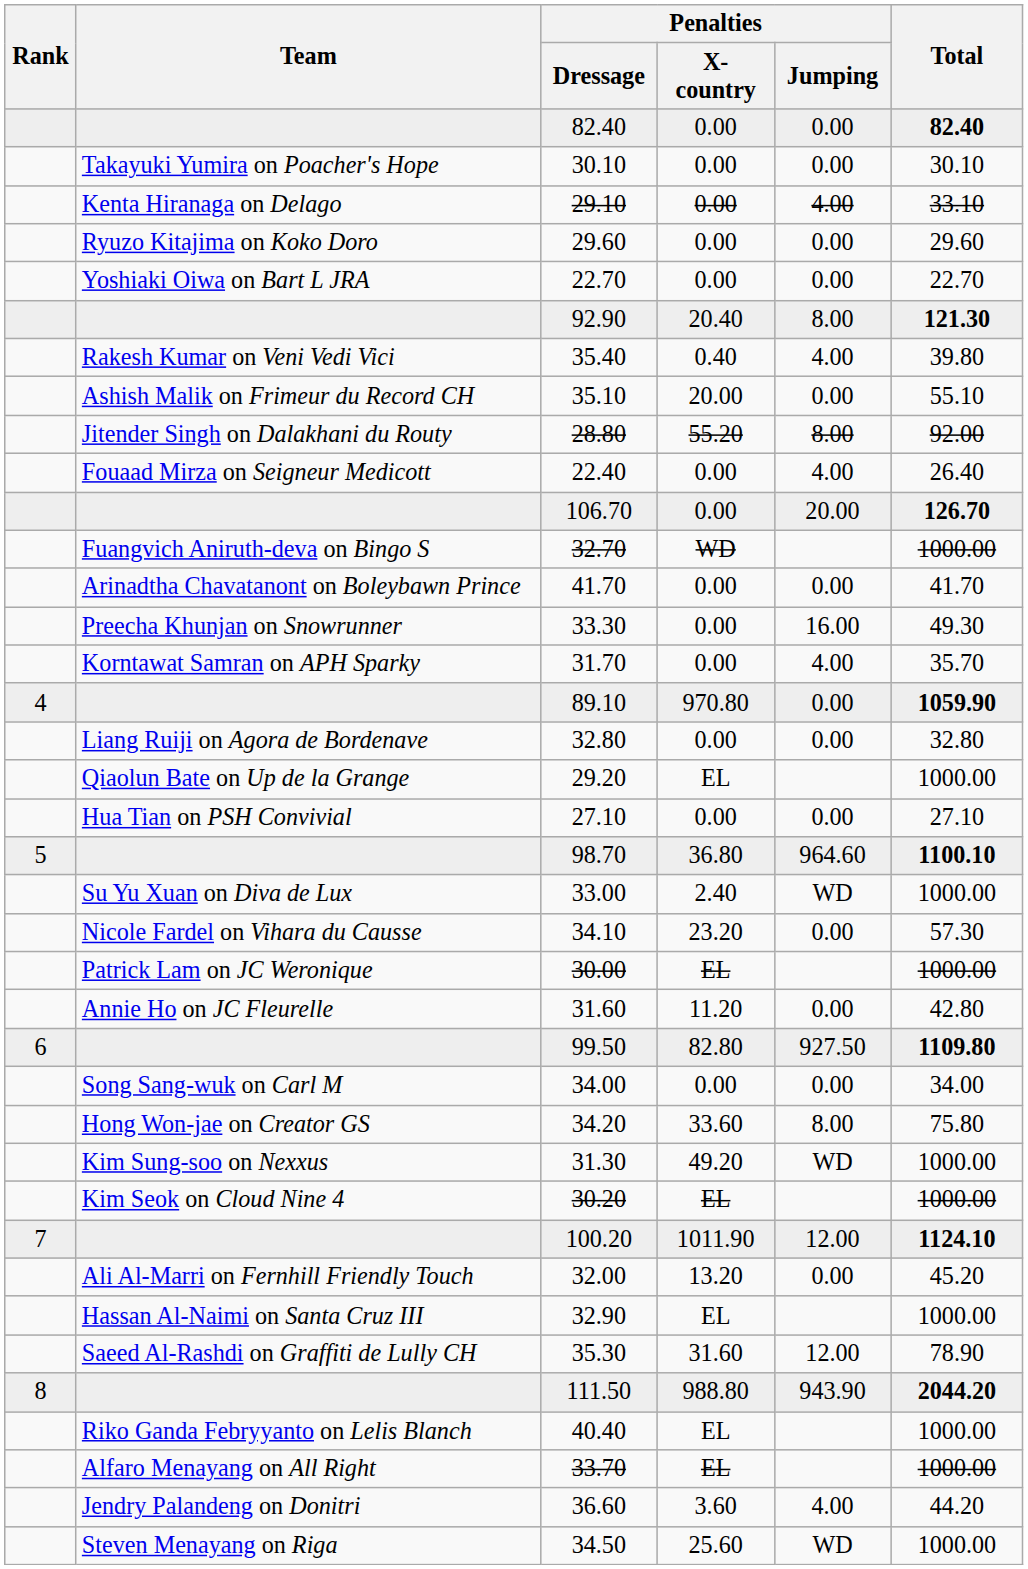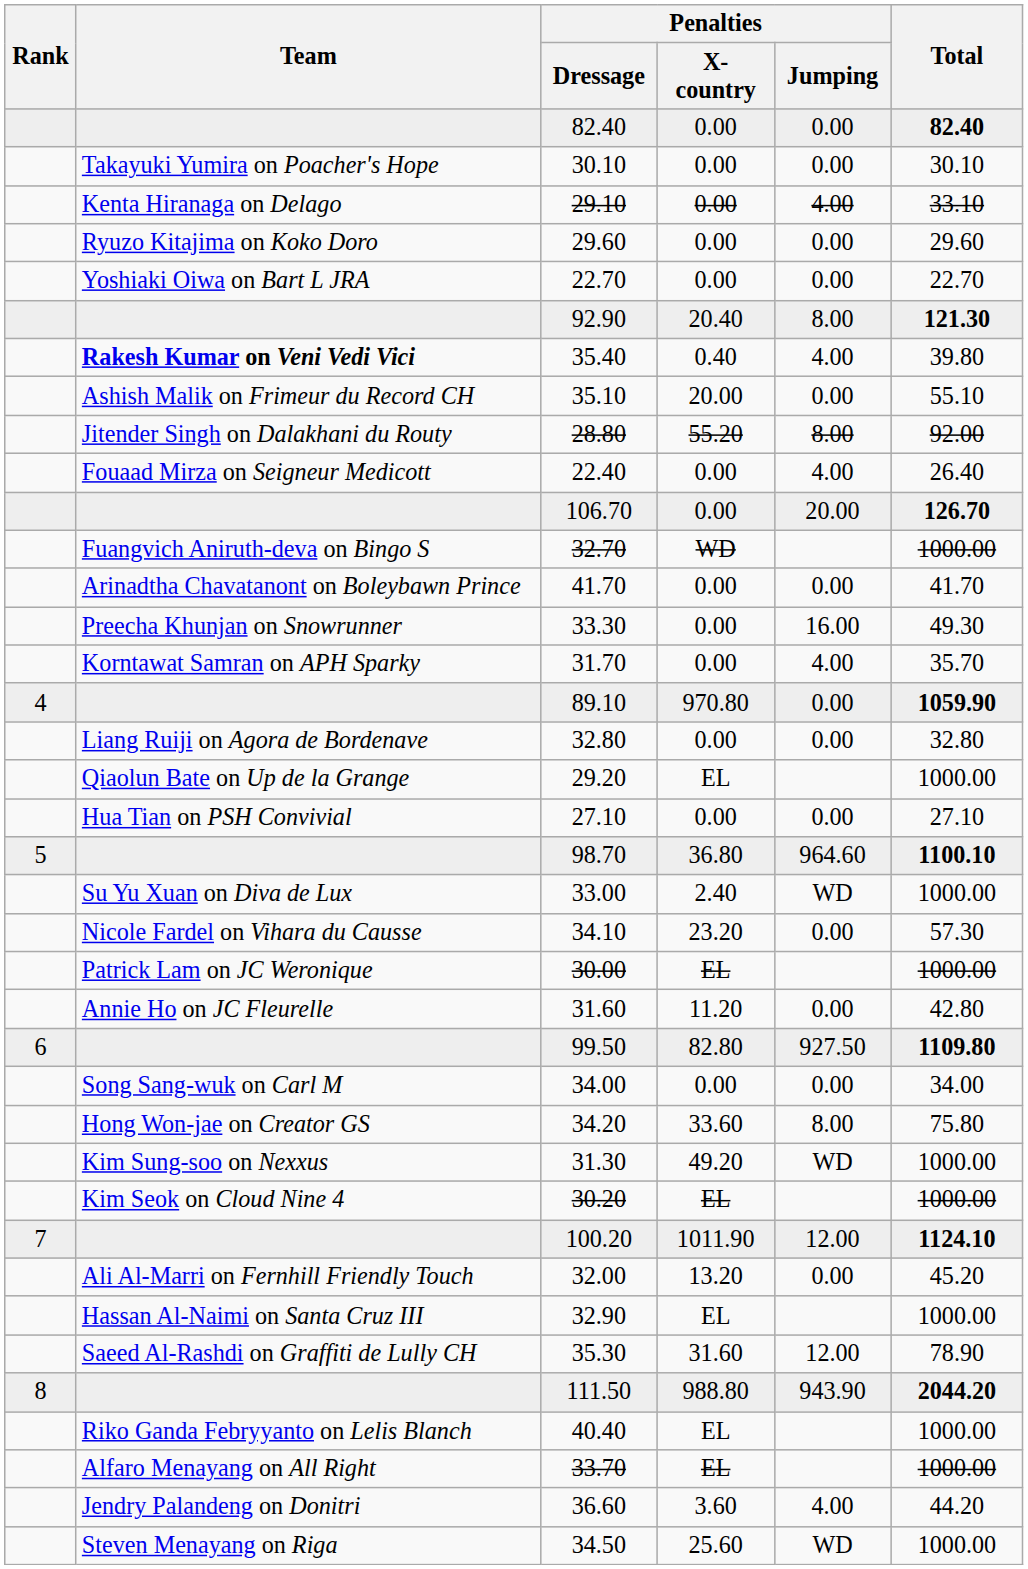 <table class=wikitable style="text-align:center">
 <tr>
 <th rowspan=2 width=40>Rank</th>
 <th rowspan=2 width=300>Team</th>
 <th colspan=3>Penalties</th>
 <th rowspan=2 width=80>Total</th>
 </tr>
 <tr>
 <th width=70>Dressage</th>
 <th width=70>X-country</th>
 <th width=70>Jumping</th>
 </tr>
 <tr bgcolor=eeeeee>
 <td></td>
 <td align=left></td>
 <td>82.40</td>
 <td>0.00</td>
 <td>0.00</td>
 <td><strong>82.40</strong></td>
 </tr>
 <tr>
 <td></td>
 <td align=left><a href='#'>Takayuki Yumira</a> on <em>Poacher's Hope</em></td>
 <td>30.10</td>
 <td>0.00</td>
 <td>0.00</td>
 <td>30.10</td>
 </tr>
 <tr>
 <td></td>
 <td align=left><a href='#'>Kenta Hiranaga</a> on <em>Delago</em></td>
 <td><s>29.10</s></td>
 <td><s>0.00</s></td>
 <td><s>4.00</s></td>
 <td><s>33.10</s></td>
 </tr>
 <tr>
 <td></td>
 <td align=left><a href='#'>Ryuzo Kitajima</a> on <em>Koko Doro </em></td>
 <td>29.60</td>
 <td>0.00</td>
 <td>0.00</td>
 <td>29.60</td>
 </tr>
 <tr>
 <td></td>
 <td align=left><a href='#'>Yoshiaki Oiwa</a> on <em>Bart L JRA</em></td>
 <td>22.70</td>
 <td>0.00</td>
 <td>0.00</td>
 <td>22.70</td>
 </tr>
 <tr bgcolor=eeeeee>
 <td></td>
 <td align=left></td>
 <td>92.90</td>
 <td>20.40</td>
 <td>8.00</td>
 <td><strong>121.30</strong></td>
 </tr>
 <tr>
 <td></td>
-<td align=left><a href='#'>Rakesh Kumar</a> on <em>Veni Vedi Vici </em></td>
+<td align=left><strong><a href='#'>Rakesh Kumar</a> on <em>Veni Vedi Vici </em></strong></td>
 <td>35.40</td>
 <td>0.40</td>
 <td>4.00</td>
 <td>39.80</td>
 </tr>
 <tr>
 <td></td>
 <td align=left><a href='#'>Ashish Malik</a> on <em>Frimeur du Record CH</em></td>
 <td>35.10</td>
 <td>20.00</td>
 <td>0.00</td>
 <td>55.10</td>
 </tr>
 <tr>
 <td></td>
 <td align=left><a href='#'>Jitender Singh</a> on <em>Dalakhani du Routy</em></td>
 <td><s>28.80</s></td>
 <td><s>55.20</s></td>
 <td><s>8.00</s></td>
 <td><s>92.00</s></td>
 </tr>
 <tr>
 <td></td>
 <td align=left><a href='#'>Fouaad Mirza</a> on <em>Seigneur Medicott </em></td>
 <td>22.40</td>
 <td>0.00</td>
 <td>4.00</td>
 <td>26.40</td>
 </tr>
 <tr bgcolor=eeeeee>
 <td></td>
 <td align=left></td>
 <td>106.70</td>
 <td>0.00</td>
 <td>20.00</td>
 <td><strong>126.70</strong></td>
 </tr>
 <tr>
 <td></td>
 <td align=left><a href='#'>Fuangvich Aniruth-deva</a> on <em>Bingo S</em></td>
 <td><s>32.70</s></td>
 <td><s>WD</s></td>
 <td></td>
 <td><s>1000.00</s></td>
 </tr>
 <tr>
 <td></td>
 <td align=left><a href='#'>Arinadtha Chavatanont</a> on <em>Boleybawn Prince</em></td>
 <td>41.70</td>
 <td>0.00</td>
 <td>0.00</td>
 <td>41.70</td>
 </tr>
 <tr>
 <td></td>
 <td align=left><a href='#'>Preecha Khunjan</a> on <em>Snowrunner</em></td>
 <td>33.30</td>
 <td>0.00</td>
 <td>16.00</td>
 <td>49.30</td>
 </tr>
 <tr>
 <td></td>
 <td align=left><a href='#'>Korntawat Samran</a> on <em>APH Sparky</em></td>
 <td>31.70</td>
 <td>0.00</td>
 <td>4.00</td>
 <td>35.70</td>
 </tr>
 <tr bgcolor=eeeeee>
 <td>4</td>
 <td align=left></td>
 <td>89.10</td>
 <td>970.80</td>
 <td>0.00</td>
 <td><strong>1059.90</strong></td>
 </tr>
 <tr>
 <td></td>
 <td align=left><a href='#'>Liang Ruiji</a> on <em>Agora de Bordenave</em></td>
 <td>32.80</td>
 <td>0.00</td>
 <td>0.00</td>
 <td>32.80</td>
 </tr>
 <tr>
 <td></td>
 <td align=left><a href='#'>Qiaolun Bate</a> on <em>Up de la Grange</em></td>
 <td>29.20</td>
 <td>EL</td>
 <td></td>
 <td>1000.00</td>
 </tr>
 <tr>
 <td></td>
 <td align=left><a href='#'>Hua Tian</a> on <em>PSH Convivial </em></td>
 <td>27.10</td>
 <td>0.00</td>
 <td>0.00</td>
 <td>27.10</td>
 </tr>
 <tr bgcolor=eeeeee>
 <td>5</td>
 <td align=left></td>
 <td>98.70</td>
 <td>36.80</td>
 <td>964.60</td>
 <td><strong>1100.10</strong></td>
 </tr>
 <tr>
 <td></td>
 <td align=left><a href='#'>Su Yu Xuan</a> on <em>Diva de Lux</em></td>
 <td>33.00</td>
 <td>2.40</td>
 <td>WD</td>
 <td>1000.00</td>
 </tr>
 <tr>
 <td></td>
 <td align=left><a href='#'>Nicole Fardel</a> on <em>Vihara du Causse</em></td>
 <td>34.10</td>
 <td>23.20</td>
 <td>0.00</td>
 <td>57.30</td>
 </tr>
 <tr>
 <td></td>
 <td align=left><a href='#'>Patrick Lam</a> on <em>JC Weronique</em></td>
 <td><s>30.00</s></td>
 <td><s>EL</s></td>
 <td></td>
 <td><s>1000.00</s></td>
 </tr>
 <tr>
 <td></td>
 <td align=left><a href='#'>Annie Ho</a> on <em>JC Fleurelle</em></td>
 <td>31.60</td>
 <td>11.20</td>
 <td>0.00</td>
 <td>42.80</td>
 </tr>
 <tr bgcolor=eeeeee>
 <td>6</td>
 <td align=left></td>
 <td>99.50</td>
 <td>82.80</td>
 <td>927.50</td>
 <td><strong>1109.80</strong></td>
 </tr>
 <tr>
 <td></td>
 <td align=left><a href='#'>Song Sang-wuk</a> on <em>Carl M</em></td>
 <td>34.00</td>
 <td>0.00</td>
 <td>0.00</td>
 <td>34.00</td>
 </tr>
 <tr>
 <td></td>
 <td align=left><a href='#'>Hong Won-jae</a> on <em>Creator GS</em></td>
 <td>34.20</td>
 <td>33.60</td>
 <td>8.00</td>
 <td>75.80</td>
 </tr>
 <tr>
 <td></td>
 <td align=left><a href='#'>Kim Sung-soo</a> on <em>Nexxus</em></td>
 <td>31.30</td>
 <td>49.20</td>
 <td>WD</td>
 <td>1000.00</td>
 </tr>
 <tr>
 <td></td>
 <td align=left><a href='#'>Kim Seok</a> on <em>Cloud Nine 4</em></td>
 <td><s>30.20</s></td>
 <td><s>EL</s></td>
 <td></td>
 <td><s>1000.00</s></td>
 </tr>
 <tr bgcolor=eeeeee>
 <td>7</td>
 <td align=left></td>
 <td>100.20</td>
 <td>1011.90</td>
 <td>12.00</td>
 <td><strong>1124.10</strong></td>
 </tr>
 <tr>
 <td></td>
 <td align=left><a href='#'>Ali Al-Marri</a> on <em>Fernhill Friendly Touch</em></td>
 <td>32.00</td>
 <td>13.20</td>
 <td>0.00</td>
 <td>45.20</td>
 </tr>
 <tr>
 <td></td>
 <td align=left><a href='#'>Hassan Al-Naimi</a> on <em>Santa Cruz III</em></td>
 <td>32.90</td>
 <td>EL</td>
 <td></td>
 <td>1000.00</td>
 </tr>
 <tr>
 <td></td>
 <td align=left><a href='#'>Saeed Al-Rashdi</a> on <em>Graffiti de Lully CH</em></td>
 <td>35.30</td>
 <td>31.60</td>
 <td>12.00</td>
 <td>78.90</td>
 </tr>
 <tr bgcolor=eeeeee>
 <td>8</td>
 <td align=left></td>
 <td>111.50</td>
 <td>988.80</td>
 <td>943.90</td>
 <td><strong>2044.20</strong></td>
 </tr>
 <tr>
 <td></td>
 <td align=left><a href='#'>Riko Ganda Febryyanto</a> on <em>Lelis Blanch</em></td>
 <td>40.40</td>
 <td>EL</td>
 <td></td>
 <td>1000.00</td>
 </tr>
 <tr>
 <td></td>
 <td align=left><a href='#'>Alfaro Menayang</a> on <em>All Right</em></td>
 <td><s>33.70</s></td>
 <td><s>EL</s></td>
 <td></td>
 <td><s>1000.00</s></td>
 </tr>
 <tr>
 <td></td>
 <td align=left><a href='#'>Jendry Palandeng</a> on <em>Donitri</em></td>
 <td>36.60</td>
 <td>3.60</td>
 <td>4.00</td>
 <td>44.20</td>
 </tr>
 <tr>
 <td></td>
 <td align=left><a href='#'>Steven Menayang</a> on <em>Riga</em></td>
 <td>34.50</td>
 <td>25.60</td>
 <td>WD</td>
 <td>1000.00</td>
 </tr>
 </table>
